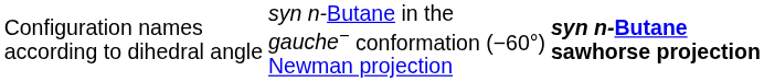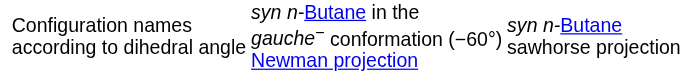 <table style="margin: 0 auto;">
 <tr>
 <td></td>
 <td></td>
 <td></td>
 </tr>
 <tr>
 <td>Configuration names<br>according to dihedral angle</td>
 <td><em>syn</em> <em>n-</em><a href='#'>Butane</a> in the<br><em>gauche<sup>−</sup></em> conformation (−60°)<br> <a href='#'>Newman projection</a></td>
-<td><strong><em>syn</em> <em>n-</em><a href='#'>Butane</a><br> sawhorse projection</strong></td>
+<td><em>syn</em> <em>n-</em><a href='#'>Butane</a><br> sawhorse projection</td>
 </tr>
 </table>
